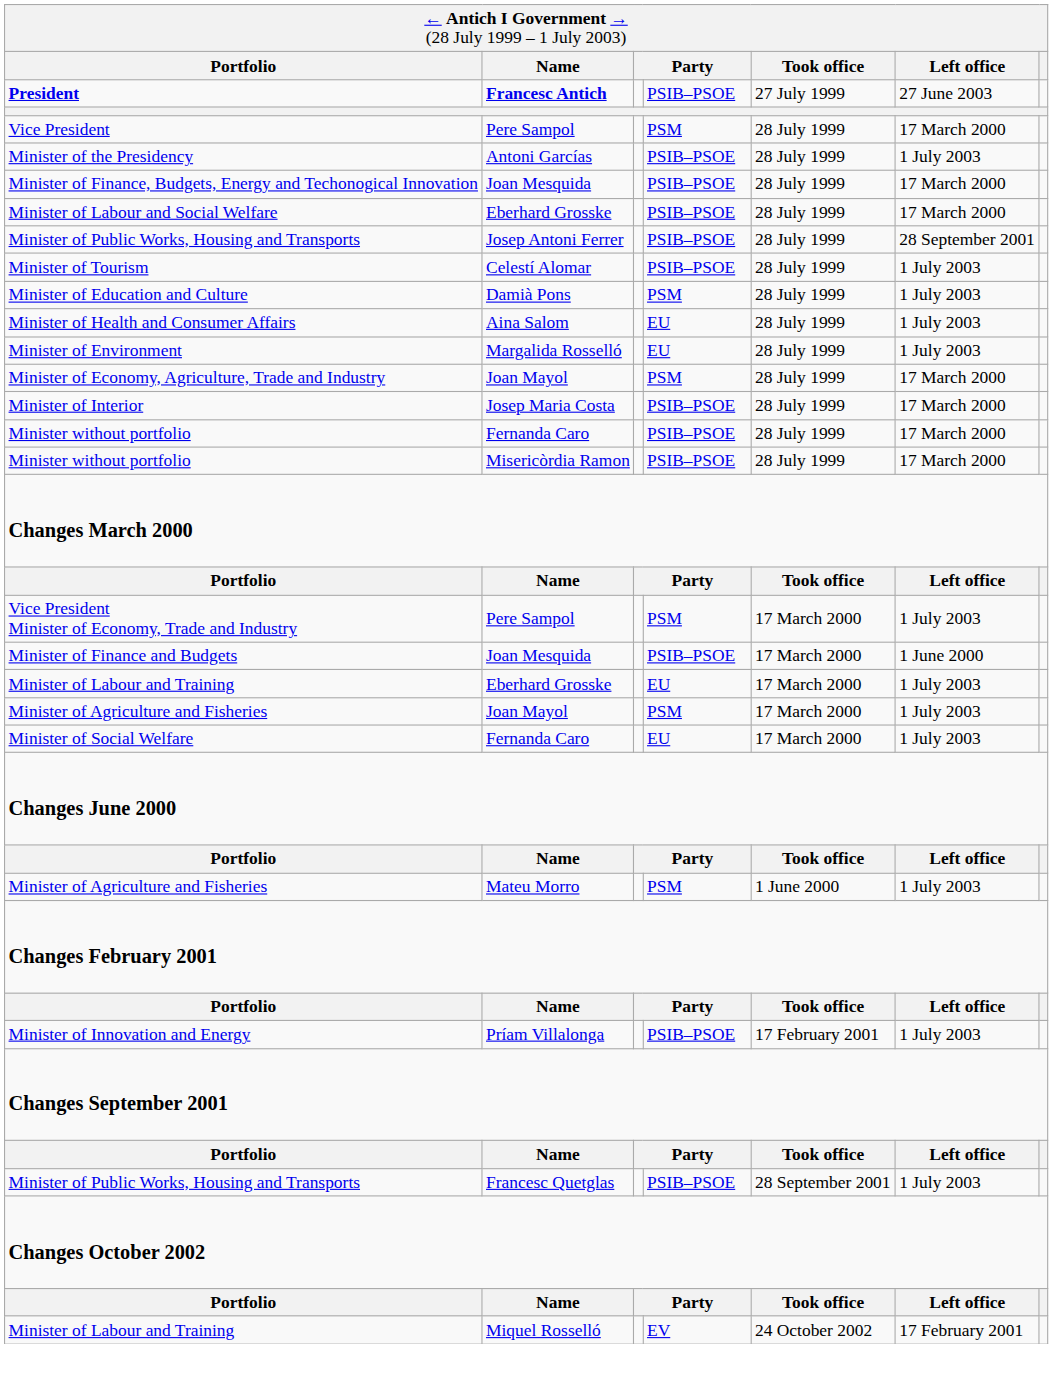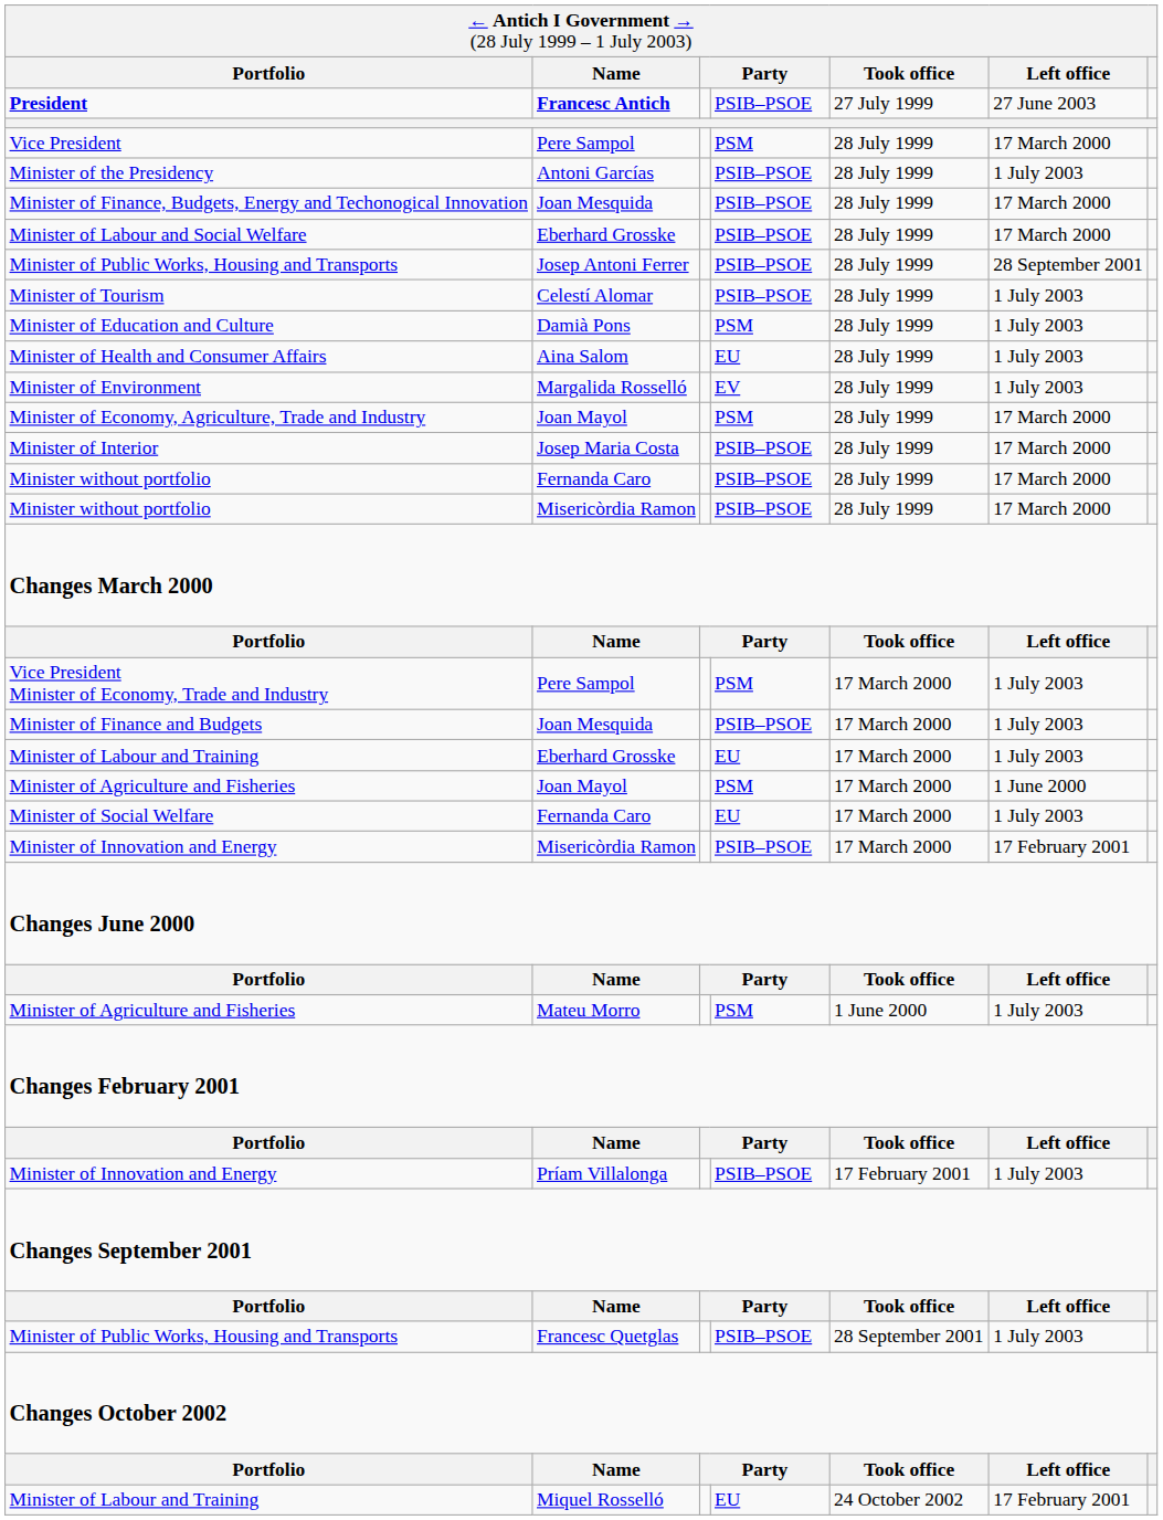 <table class="wikitable">
 <tr>
 <td colspan="7" bgcolor="#F2F2F2" align="center"><a href='#'>←</a> <strong>Antich I Government</strong> <a href='#'>→</a><br>(28 July 1999 – 1 July 2003)</td>
 </tr>
 <tr>
 <th>Portfolio</th>
 <th>Name</th>
 <th width="100px" colspan="2">Party</th>
 <th width="125px">Took office</th>
 <th width="125px">Left office</th>
 <th></th>
 </tr>
 <tr>
 <td><strong><a href='#'>President</a></strong></td>
 <td><strong><a href='#'>Francesc Antich</a></strong></td>
 <td width="1" style="background-color:"></td>
 <td><a href='#'>PSIB–PSOE</a></td>
 <td>27 July 1999</td>
 <td>27 June 2003</td>
 <td align="center"></td>
 </tr>
 <tr>
 <th colspan="7"></th>
 </tr>
 <tr>
 <td><a href='#'>Vice President</a></td>
 <td><a href='#'>Pere Sampol</a></td>
 <td style="background-color:"></td>
 <td><a href='#'>PSM</a></td>
 <td>28 July 1999</td>
 <td>17 March 2000</td>
 <td align="center"></td>
 </tr>
 <tr>
 <td><a href='#'>Minister of the Presidency</a></td>
 <td><a href='#'>Antoni Garcías</a></td>
 <td style="background-color:"></td>
 <td><a href='#'>PSIB–PSOE</a></td>
 <td>28 July 1999</td>
 <td>1 July 2003</td>
 <td align="center"></td>
 </tr>
 <tr>
 <td><a href='#'>Minister of Finance, Budgets, Energy and Techonogical Innovation</a></td>
 <td><a href='#'>Joan Mesquida</a></td>
 <td style="background-color:"></td>
 <td><a href='#'>PSIB–PSOE</a></td>
 <td>28 July 1999</td>
 <td>17 March 2000</td>
 <td align="center"></td>
 </tr>
 <tr>
 <td><a href='#'>Minister of Labour and Social Welfare</a></td>
 <td><a href='#'>Eberhard Grosske</a></td>
 <td style="background-color:"></td>
 <td><a href='#'>PSIB–PSOE</a></td>
 <td>28 July 1999</td>
 <td>17 March 2000</td>
 <td align="center"></td>
 </tr>
 <tr>
 <td><a href='#'>Minister of Public Works, Housing and Transports</a></td>
 <td><a href='#'>Josep Antoni Ferrer</a></td>
 <td style="background-color:"></td>
 <td><a href='#'>PSIB–PSOE</a></td>
 <td>28 July 1999</td>
 <td>28 September 2001</td>
 <td align="center"></td>
 </tr>
 <tr>
 <td><a href='#'>Minister of Tourism</a></td>
 <td><a href='#'>Celestí Alomar</a></td>
 <td style="background-color:"></td>
 <td><a href='#'>PSIB–PSOE</a></td>
 <td>28 July 1999</td>
 <td>1 July 2003</td>
 <td align="center"></td>
 </tr>
 <tr>
 <td><a href='#'>Minister of Education and Culture</a></td>
 <td><a href='#'>Damià Pons</a></td>
 <td style="background-color:"></td>
 <td><a href='#'>PSM</a></td>
 <td>28 July 1999</td>
 <td>1 July 2003</td>
 <td align="center"></td>
 </tr>
 <tr>
 <td><a href='#'>Minister of Health and Consumer Affairs</a></td>
 <td><a href='#'>Aina Salom</a></td>
 <td style="background-color:"></td>
 <td><a href='#'>EU</a></td>
 <td>28 July 1999</td>
 <td>1 July 2003</td>
 <td align="center"></td>
 </tr>
 <tr>
 <td><a href='#'>Minister of Environment</a></td>
 <td><a href='#'>Margalida Rosselló</a></td>
 <td style="background-color:"></td>
-<td><a href='#'>EU</a></td>
+<td><a href='#'>EV</a></td>
 <td>28 July 1999</td>
 <td>1 July 2003</td>
 <td align="center"></td>
 </tr>
 <tr>
 <td><a href='#'>Minister of Economy, Agriculture, Trade and Industry</a></td>
 <td><a href='#'>Joan Mayol</a></td>
 <td style="background-color:"></td>
 <td><a href='#'>PSM</a></td>
 <td>28 July 1999</td>
 <td>17 March 2000</td>
 <td align="center"></td>
 </tr>
 <tr>
 <td><a href='#'>Minister of Interior</a></td>
 <td><a href='#'>Josep Maria Costa</a></td>
 <td style="background-color:"></td>
 <td><a href='#'>PSIB–PSOE</a></td>
 <td>28 July 1999</td>
 <td>17 March 2000</td>
 <td align="center"></td>
 </tr>
 <tr>
 <td><a href='#'>Minister without portfolio</a></td>
 <td><a href='#'>Fernanda Caro</a></td>
 <td style="background-color:"></td>
 <td><a href='#'>PSIB–PSOE</a></td>
 <td>28 July 1999</td>
 <td>17 March 2000</td>
 <td align="center"></td>
 </tr>
 <tr>
 <td><a href='#'>Minister without portfolio</a></td>
 <td><a href='#'>Misericòrdia Ramon</a></td>
 <td style="background-color:"></td>
 <td><a href='#'>PSIB–PSOE</a></td>
 <td>28 July 1999</td>
 <td>17 March 2000</td>
 <td align="center"></td>
 </tr>
 <tr>
 <td colspan="7"><br><h3>Changes March 2000</h3></td>
 </tr>
 <tr>
 <th>Portfolio</th>
 <th>Name</th>
 <th colspan="2">Party</th>
 <th>Took office</th>
 <th>Left office</th>
 <th></th>
 </tr>
 <tr>
 <td><a href='#'>Vice President</a><br><a href='#'>Minister of Economy, Trade and Industry</a></td>
 <td><a href='#'>Pere Sampol</a></td>
 <td style="background-color:"></td>
 <td><a href='#'>PSM</a></td>
 <td>17 March 2000</td>
 <td>1 July 2003</td>
 <td align="center"></td>
 </tr>
 <tr>
 <td><a href='#'>Minister of Finance and Budgets</a></td>
 <td><a href='#'>Joan Mesquida</a></td>
 <td style="background-color:"></td>
 <td><a href='#'>PSIB–PSOE</a></td>
 <td>17 March 2000</td>
-<td>1 June 2000</td>
+<td>1 July 2003</td>
 <td align="center"></td>
 </tr>
 <tr>
 <td><a href='#'>Minister of Labour and Training</a></td>
 <td><a href='#'>Eberhard Grosske</a></td>
 <td style="background-color:"></td>
 <td><a href='#'>EU</a></td>
 <td>17 March 2000</td>
 <td>1 July 2003</td>
 <td align="center"></td>
 </tr>
 <tr>
 <td><a href='#'>Minister of Agriculture and Fisheries</a></td>
 <td><a href='#'>Joan Mayol</a></td>
 <td style="background-color:"></td>
 <td><a href='#'>PSM</a></td>
 <td>17 March 2000</td>
-<td>1 July 2003</td>
+<td>1 June 2000</td>
 <td align="center"></td>
 </tr>
 <tr>
 <td><a href='#'>Minister of Social Welfare</a></td>
 <td><a href='#'>Fernanda Caro</a></td>
 <td style="background-color:"></td>
 <td><a href='#'>EU</a></td>
 <td>17 March 2000</td>
 <td>1 July 2003</td>
+<td align="center"></td>
+</tr>
+<tr>
+<td><a href='#'>Minister of Innovation and Energy</a></td>
+<td><a href='#'>Misericòrdia Ramon</a></td>
+<td style="background-color:"></td>
+<td><a href='#'>PSIB–PSOE</a></td>
+<td>17 March 2000</td>
+<td>17 February 2001</td>
 <td align="center"></td>
 </tr>
 <tr>
 <td colspan="7"><br><h3>Changes June 2000</h3></td>
 </tr>
 <tr>
 <th>Portfolio</th>
 <th>Name</th>
 <th colspan="2">Party</th>
 <th>Took office</th>
 <th>Left office</th>
 <th></th>
 </tr>
 <tr>
 <td><a href='#'>Minister of Agriculture and Fisheries</a></td>
 <td><a href='#'>Mateu Morro</a></td>
 <td style="background-color:"></td>
 <td><a href='#'>PSM</a></td>
 <td>1 June 2000</td>
 <td>1 July 2003</td>
 <td align="center"></td>
 </tr>
 <tr>
 <td colspan="7"><br><h3>Changes February 2001</h3></td>
 </tr>
 <tr>
 <th>Portfolio</th>
 <th>Name</th>
 <th colspan="2">Party</th>
 <th>Took office</th>
 <th>Left office</th>
 <th></th>
 </tr>
 <tr>
 <td><a href='#'>Minister of Innovation and Energy</a></td>
 <td><a href='#'>Príam Villalonga</a></td>
 <td style="background-color:"></td>
 <td><a href='#'>PSIB–PSOE</a></td>
 <td>17 February 2001</td>
 <td>1 July 2003</td>
 <td align="center"></td>
 </tr>
 <tr>
 <td colspan="7"><br><h3>Changes September 2001</h3></td>
 </tr>
 <tr>
 <th>Portfolio</th>
 <th>Name</th>
 <th colspan="2">Party</th>
 <th>Took office</th>
 <th>Left office</th>
 <th></th>
 </tr>
 <tr>
 <td><a href='#'>Minister of Public Works, Housing and Transports</a></td>
 <td><a href='#'>Francesc Quetglas</a></td>
 <td style="background-color:"></td>
 <td><a href='#'>PSIB–PSOE</a></td>
 <td>28 September 2001</td>
 <td>1 July 2003</td>
 <td align="center"></td>
 </tr>
 <tr>
 <td colspan="7"><br><h3>Changes October 2002</h3></td>
 </tr>
 <tr>
 <th>Portfolio</th>
 <th>Name</th>
 <th colspan="2">Party</th>
 <th>Took office</th>
 <th>Left office</th>
 <th></th>
 </tr>
 <tr>
 <td><a href='#'>Minister of Labour and Training</a></td>
 <td><a href='#'>Miquel Rosselló</a></td>
 <td style="background-color:"></td>
-<td><a href='#'>EV</a></td>
+<td><a href='#'>EU</a></td>
 <td>24 October 2002</td>
 <td>17 February 2001</td>
 <td align="center"></td>
 </tr>
 </table>
